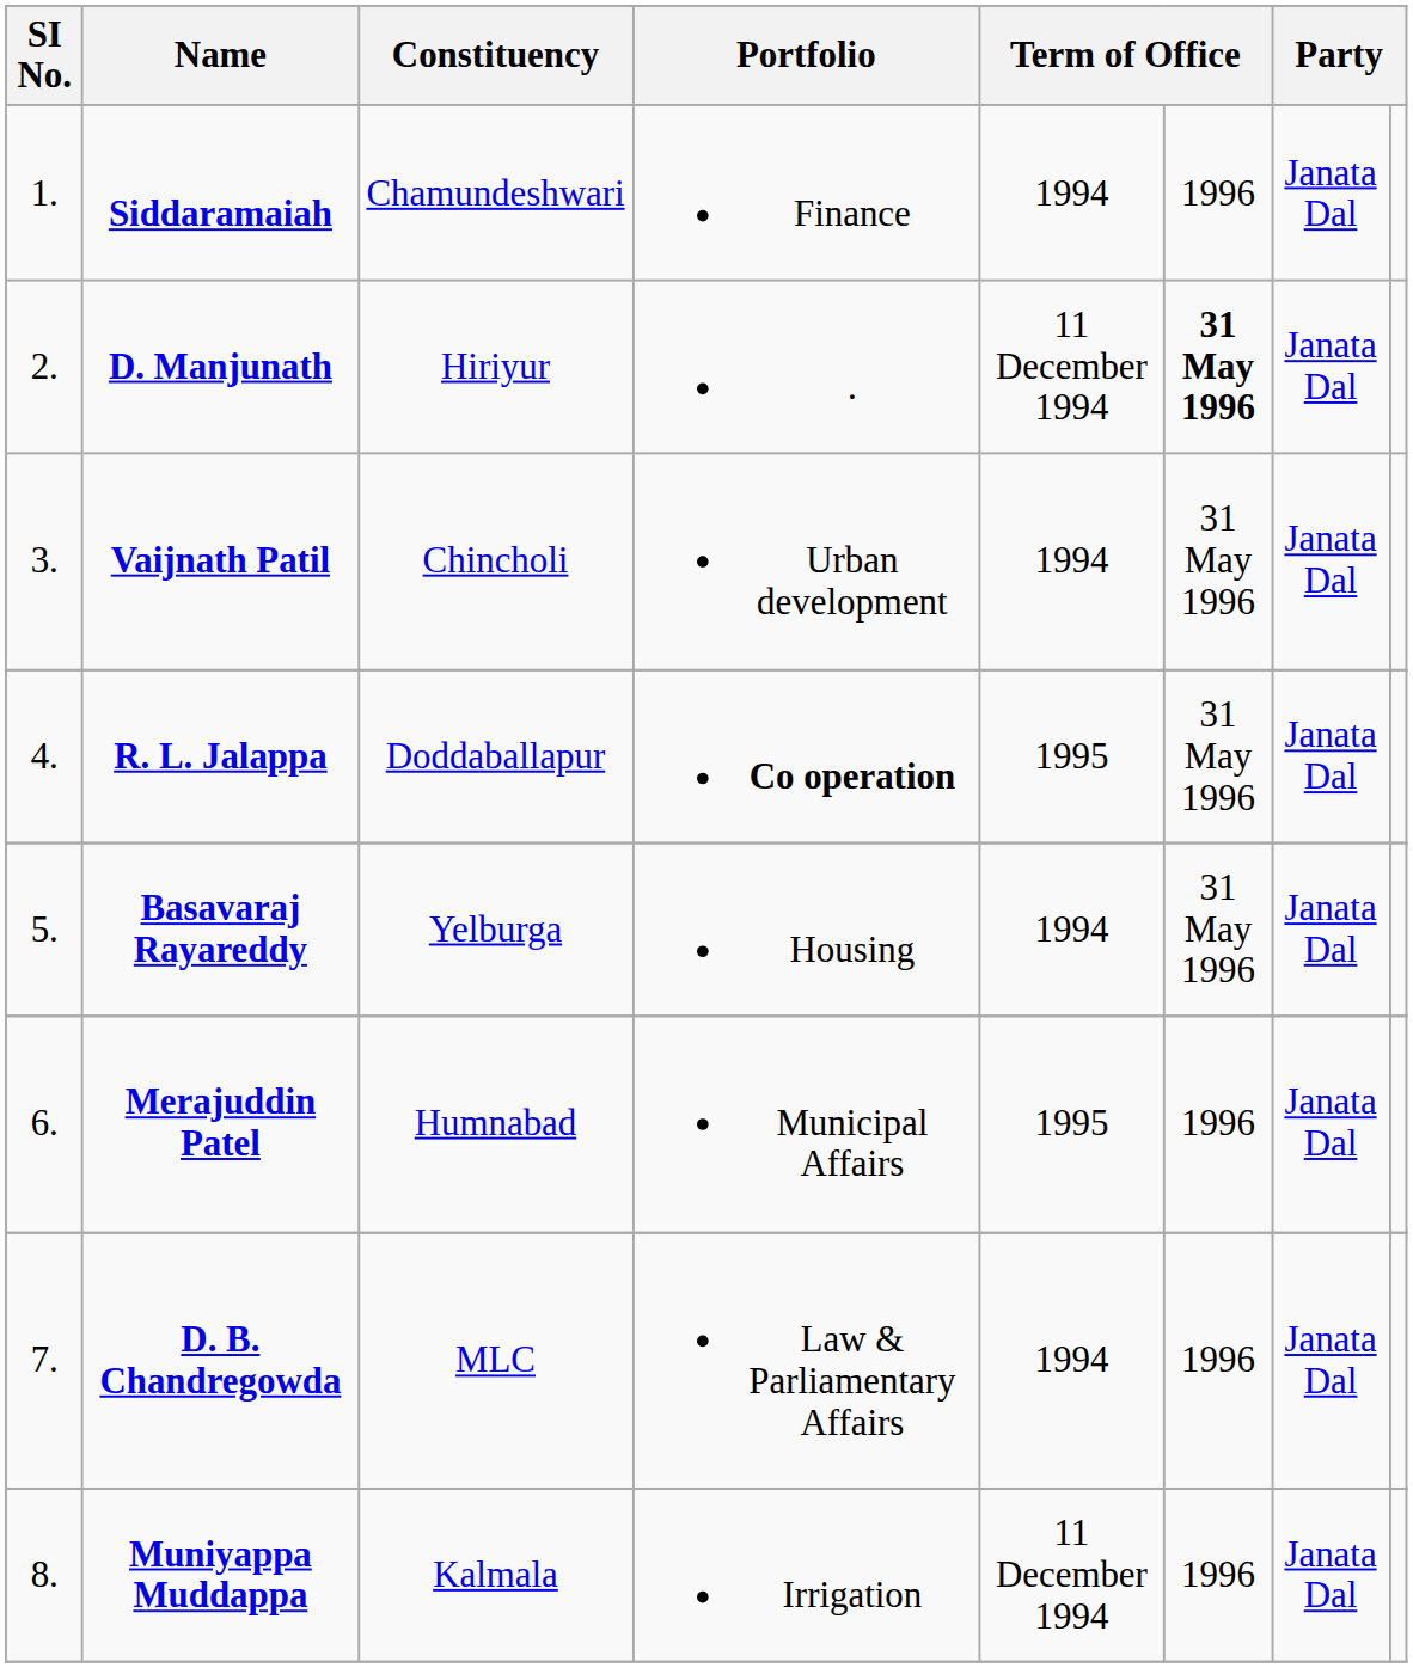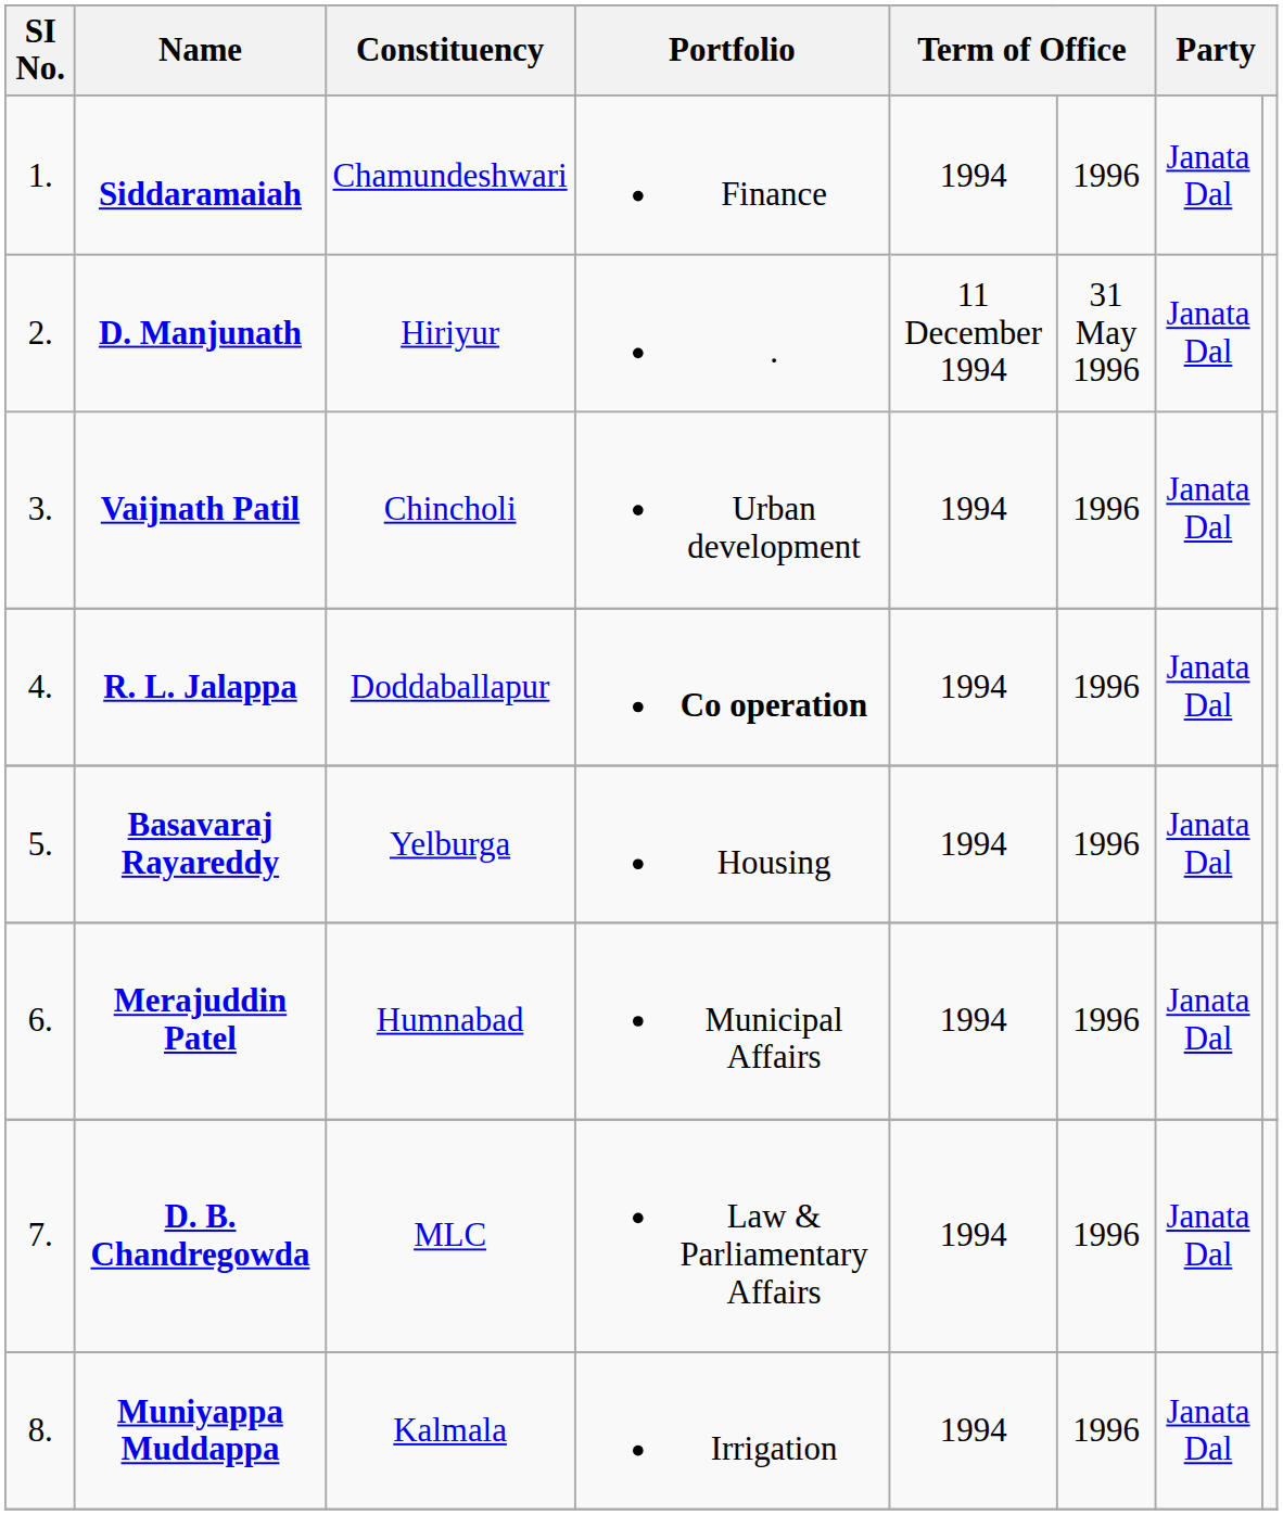 <table class="wikitable sortable" style="text-align:center;">
 <tr>
 <th>SI No.</th>
 <th>Name</th>
 <th>Constituency</th>
 <th>Portfolio</th>
 <th colspan="2">Term of Office</th>
 <th colspan="2">Party</th>
 </tr>
 <tr>
 <td>1.</td>
 <td><br><strong><a href='#'>Siddaramaiah</a></strong></td>
 <td><a href='#'>Chamundeshwari</a></td>
 <td><br><ul><li>Finance</li></ul></td>
 <td>1994</td>
 <td>1996</td>
 <td><a href='#'>Janata Dal</a></td>
 <td style="background:"></td>
 </tr>
 <tr>
 <td>2.</td>
 <td><strong><a href='#'>D. Manjunath</a></strong></td>
 <td><a href='#'>Hiriyur</a></td>
 <td><br><ul><li>.</li></ul></td>
 <td>11 December 1994</td>
-<td><strong>31 May 1996</strong></td>
+<td>31 May 1996</td>
 <td><a href='#'>Janata Dal</a></td>
 <td style="background:"></td>
 </tr>
 <tr>
 <td>3.</td>
 <td><strong><a href='#'>Vaijnath Patil</a></strong></td>
 <td><a href='#'>Chincholi</a></td>
 <td><br><ul><li>Urban development</li></ul></td>
 <td>1994</td>
-<td>31 May 1996</td>
+<td>1996</td>
 <td><a href='#'>Janata Dal</a></td>
 <td style="background:"></td>
 </tr>
 <tr style="text-align:center">
 </tr>
 <tr>
 <td>4.</td>
 <td><strong><a href='#'>R. L. Jalappa</a></strong></td>
 <td><a href='#'>Doddaballapur</a></td>
 <td><strong><br><ul><li>Co operation</li></ul></strong></td>
-<td>1995</td>
-<td>31 May 1996</td>
+<td>1994</td>
+<td>1996</td>
 <td><a href='#'>Janata Dal</a></td>
 <td style="background:"></td>
 </tr>
 <tr style="text-align:center">
 </tr>
 <tr>
 <td>5.</td>
 <td><strong><a href='#'>Basavaraj Rayareddy</a></strong></td>
 <td><a href='#'>Yelburga</a></td>
 <td><br><ul><li>Housing</li></ul></td>
 <td>1994</td>
-<td>31 May 1996</td>
+<td>1996</td>
 <td><a href='#'>Janata Dal</a></td>
 <td style="background:"></td>
 </tr>
 <tr style="text-align:center">
 </tr>
 <tr>
 <td>6.</td>
 <td><strong><a href='#'>Merajuddin Patel</a></strong></td>
 <td><a href='#'>Humnabad</a></td>
 <td><br><ul><li>Municipal Affairs</li></ul></td>
-<td>1995</td>
+<td>1994</td>
 <td>1996</td>
 <td><a href='#'>Janata Dal</a></td>
 <td style="background:"></td>
 </tr>
 <tr style="text-align:center">
 </tr>
 <tr>
 <td>7.</td>
 <td><strong><a href='#'>D. B. Chandregowda</a></strong></td>
 <td><a href='#'>MLC</a></td>
 <td><br><ul><li>Law & Parliamentary Affairs</li></ul></td>
 <td>1994</td>
 <td>1996</td>
 <td><a href='#'>Janata Dal</a></td>
 <td style="background:"></td>
 </tr>
 <tr style="text-align:center">
 </tr>
 <tr>
 <td>8.</td>
 <td><strong><a href='#'>Muniyappa Muddappa</a></strong></td>
 <td><a href='#'>Kalmala</a></td>
 <td><br><ul><li>Irrigation</li></ul></td>
-<td>11 December 1994</td>
+<td>1994</td>
 <td>1996</td>
 <td><a href='#'>Janata Dal</a></td>
 <td style="background:"></td>
 </tr>
 <tr style="text-align:center">
 </tr>
 </table>
